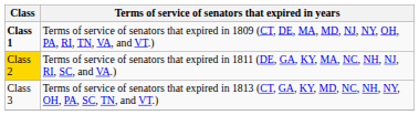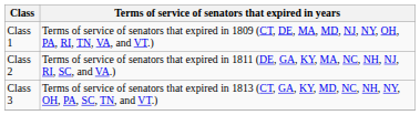 <table class="wikitable sortable">
 <tr valign=bottom>
 <th>Class</th>
 <th>Terms of service of senators that expired in years</th>
 </tr>
 <tr>
-<td><strong>Class 1</strong></td>
+<td>Class 1</td>
 <td>Terms of service of senators that expired in 1809 (<a href='#'>CT</a>, <a href='#'>DE</a>, <a href='#'>MA</a>, <a href='#'>MD</a>, <a href='#'>NJ</a>, <a href='#'>NY</a>, <a href='#'>OH</a>, <a href='#'>PA</a>, <a href='#'>RI</a>, <a href='#'>TN</a>, <a href='#'>VA</a>, and <a href='#'>VT</a>.)</td>
 </tr>
 <tr>
-<td style="background: gold;">Class 2</td>
+<td>Class 2</td>
 <td>Terms of service of senators that expired in 1811 (<a href='#'>DE</a>, <a href='#'>GA</a>, <a href='#'>KY</a>, <a href='#'>MA</a>, <a href='#'>NC</a>, <a href='#'>NH</a>, <a href='#'>NJ</a>, <a href='#'>RI</a>, <a href='#'>SC</a>, and <a href='#'>VA</a>.)</td>
 </tr>
 <tr>
 <td>Class 3</td>
 <td>Terms of service of senators that expired in 1813 (<a href='#'>CT</a>, <a href='#'>GA</a>, <a href='#'>KY</a>, <a href='#'>MD</a>, <a href='#'>NC</a>, <a href='#'>NH</a>, <a href='#'>NY</a>, <a href='#'>OH</a>, <a href='#'>PA</a>, <a href='#'>SC</a>, <a href='#'>TN</a>, and <a href='#'>VT</a>.)</td>
 </tr>
 <tr>
 </tr>
 </table>
